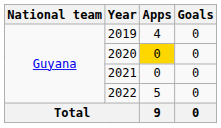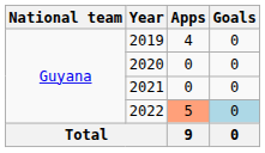 <table class="wikitable" style="text-align:center">
 <tr>
 <th>National team</th>
 <th>Year</th>
 <th>Apps</th>
 <th>Goals</th>
 </tr>
 <tr>
 <td rowspan="4"><a href='#'>Guyana</a></td>
 <td>2019</td>
 <td>4</td>
 <td>0</td>
 </tr>
 <tr>
 <td>2020</td>
-<td style="background: gold;">0</td>
+<td>0</td>
 <td>0</td>
 </tr>
 <tr>
 <td>2021</td>
 <td>0</td>
 <td>0</td>
 </tr>
 <tr>
 <td>2022</td>
-<td>5</td>
-<td>0</td>
+<td style="background: lightsalmon;">5</td>
+<td style="background: lightblue;">0</td>
 </tr>
 <tr>
 <th colspan="2">Total</th>
 <th>9</th>
 <th>0</th>
 </tr>
 </table>
